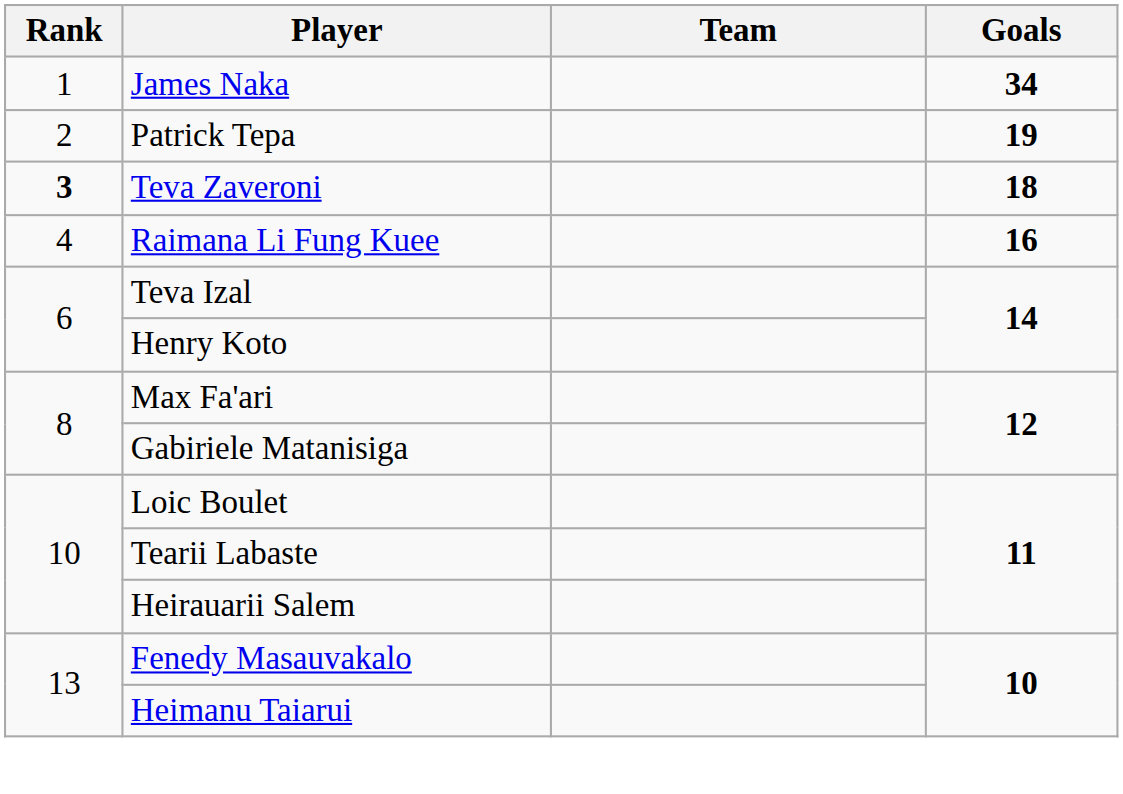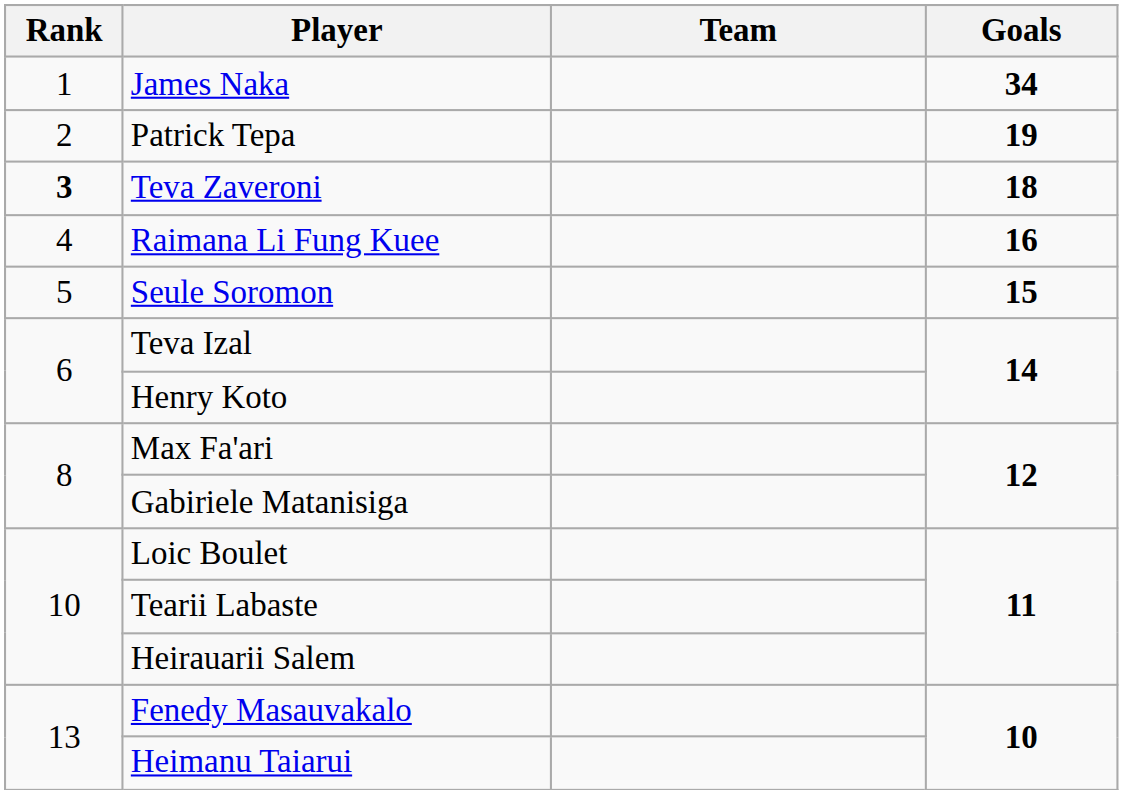 <table class="wikitable" style="text-align:center">
 <tr>
 <th width=50>Rank</th>
 <th width=200>Player</th>
 <th width=175>Team</th>
 <th width=85>Goals</th>
 </tr>
 <tr>
 <td>1</td>
 <td style="text-align:left"><a href='#'>James Naka</a></td>
 <td style="text-align:left"></td>
 <td><strong>34</strong></td>
 </tr>
 <tr>
 <td>2</td>
 <td style="text-align:left">Patrick Tepa</td>
 <td style="text-align:left"></td>
 <td><strong>19</strong></td>
 </tr>
 <tr>
 <td><strong>3</strong></td>
 <td style="text-align:left"><a href='#'>Teva Zaveroni</a></td>
 <td style="text-align:left"></td>
 <td><strong>18</strong></td>
 </tr>
 <tr>
 <td>4</td>
 <td style="text-align:left"><a href='#'>Raimana Li Fung Kuee</a></td>
 <td style="text-align:left"></td>
 <td><strong>16</strong></td>
+</tr>
+<tr>
+<td>5</td>
+<td style="text-align:left"><a href='#'>Seule Soromon</a></td>
+<td style="text-align:left"></td>
+<td><strong>15</strong></td>
 </tr>
 <tr>
 <td rowspan="2">6</td>
 <td style="text-align:left">Teva Izal</td>
 <td style="text-align:left"></td>
 <td rowspan="2"><strong>14</strong></td>
 </tr>
 <tr>
 <td style="text-align:left">Henry Koto</td>
 <td style="text-align:left"></td>
 </tr>
 <tr>
 <td rowspan="2">8</td>
 <td style="text-align:left">Max Fa'ari</td>
 <td style="text-align:left"></td>
 <td rowspan="2"><strong>12</strong></td>
 </tr>
 <tr>
 <td style="text-align:left">Gabiriele Matanisiga</td>
 <td style="text-align:left"></td>
 </tr>
 <tr>
 <td rowspan="3">10</td>
 <td style="text-align:left">Loic Boulet</td>
 <td style="text-align:left"></td>
 <td rowspan="3"><strong>11</strong></td>
 </tr>
 <tr>
 <td style="text-align:left">Tearii Labaste</td>
 <td style="text-align:left"></td>
 </tr>
 <tr>
 <td style="text-align:left">Heirauarii Salem</td>
 <td style="text-align:left"></td>
 </tr>
 <tr>
 <td rowspan="2">13</td>
 <td style="text-align:left"><a href='#'>Fenedy Masauvakalo</a></td>
 <td style="text-align:left"></td>
 <td rowspan="2"><strong>10</strong></td>
 </tr>
 <tr>
 <td style="text-align:left"><a href='#'>Heimanu Taiarui</a></td>
 <td style="text-align:left"></td>
 </tr>
 </table>
